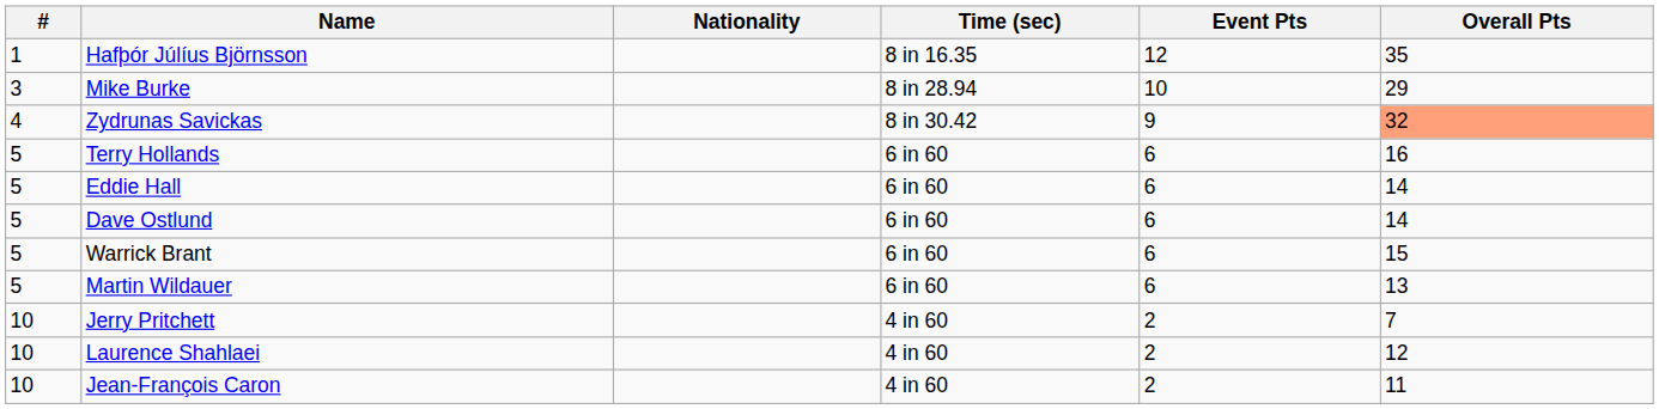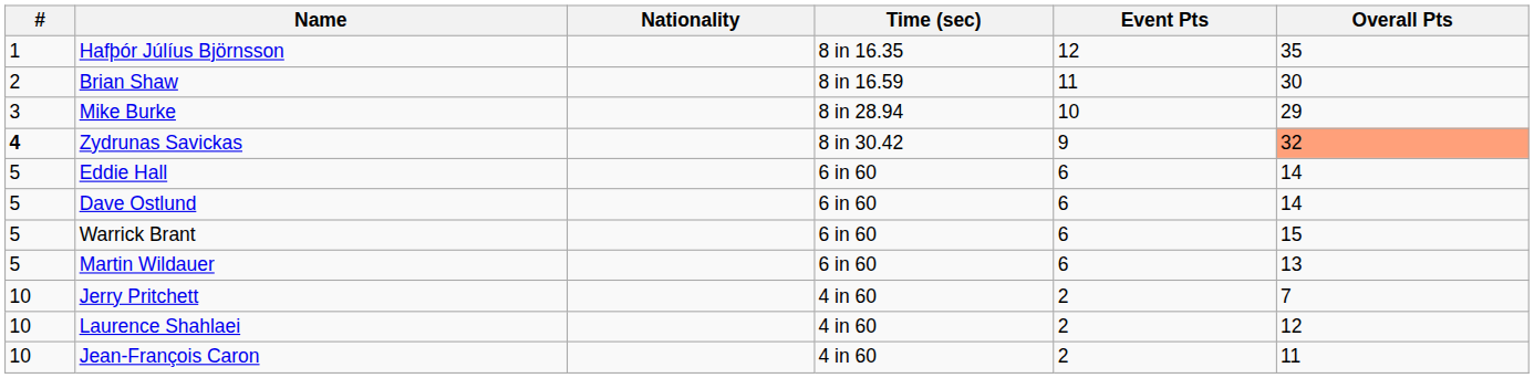 <table class="wikitable sortable" style="display: inline-table; width: 100%;">
 <tr>
 <th>#</th>
 <th>Name</th>
 <th>Nationality</th>
 <th>Time (sec)</th>
 <th>Event Pts</th>
 <th>Overall Pts</th>
 </tr>
 <tr>
 <td>1</td>
 <td><a href='#'>Hafþór Júlíus Björnsson</a></td>
 <td></td>
 <td>8 in 16.35</td>
 <td>12</td>
 <td>35</td>
 </tr>
 <tr>
+<td>2</td>
+<td><a href='#'>Brian Shaw</a></td>
+<td></td>
+<td>8 in 16.59</td>
+<td>11</td>
+<td>30</td>
+</tr>
+<tr>
 <td>3</td>
 <td><a href='#'>Mike Burke</a></td>
 <td></td>
 <td>8 in 28.94</td>
 <td>10</td>
 <td>29</td>
 </tr>
 <tr>
-<td>4</td>
+<td><strong>4</strong></td>
 <td><a href='#'>Zydrunas Savickas</a></td>
 <td></td>
 <td>8 in 30.42</td>
 <td>9</td>
 <td style="background: lightsalmon;">32</td>
-</tr>
-<tr>
-<td>5</td>
-<td><a href='#'>Terry Hollands</a></td>
-<td></td>
-<td>6 in 60</td>
-<td>6</td>
-<td>16</td>
 </tr>
 <tr>
 <td>5</td>
 <td><a href='#'>Eddie Hall</a></td>
 <td></td>
 <td>6 in 60</td>
 <td>6</td>
 <td>14</td>
 </tr>
 <tr>
 <td>5</td>
 <td><a href='#'>Dave Ostlund</a></td>
 <td></td>
 <td>6 in 60</td>
 <td>6</td>
 <td>14</td>
 </tr>
 <tr>
 <td>5</td>
 <td>Warrick Brant</td>
 <td></td>
 <td>6 in 60</td>
 <td>6</td>
 <td>15</td>
 </tr>
 <tr>
 <td>5</td>
 <td><a href='#'>Martin Wildauer</a></td>
 <td></td>
 <td>6 in 60</td>
 <td>6</td>
 <td>13</td>
 </tr>
 <tr>
 <td>10</td>
 <td><a href='#'>Jerry Pritchett</a></td>
 <td></td>
 <td>4 in 60</td>
 <td>2</td>
 <td>7</td>
 </tr>
 <tr>
 <td>10</td>
 <td><a href='#'>Laurence Shahlaei</a></td>
 <td></td>
 <td>4 in 60</td>
 <td>2</td>
 <td>12</td>
 </tr>
 <tr>
 <td>10</td>
 <td><a href='#'>Jean-François Caron</a></td>
 <td></td>
 <td>4 in 60</td>
 <td>2</td>
 <td>11</td>
 </tr>
 </table>
